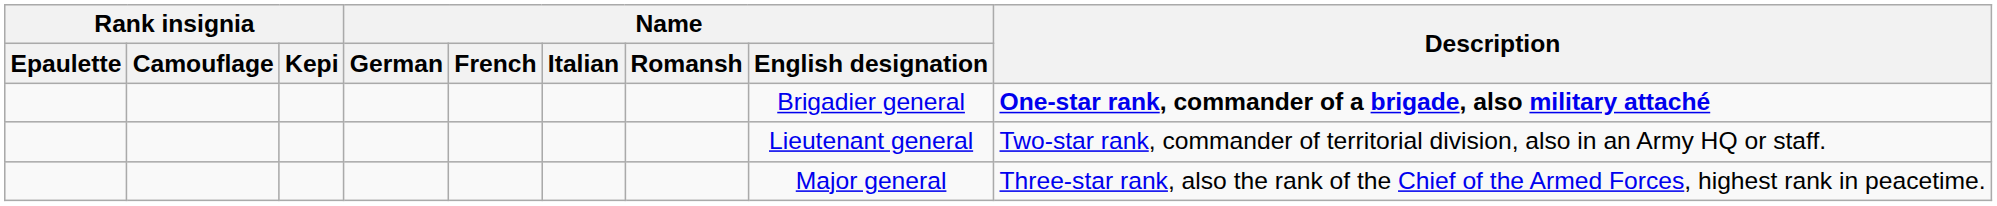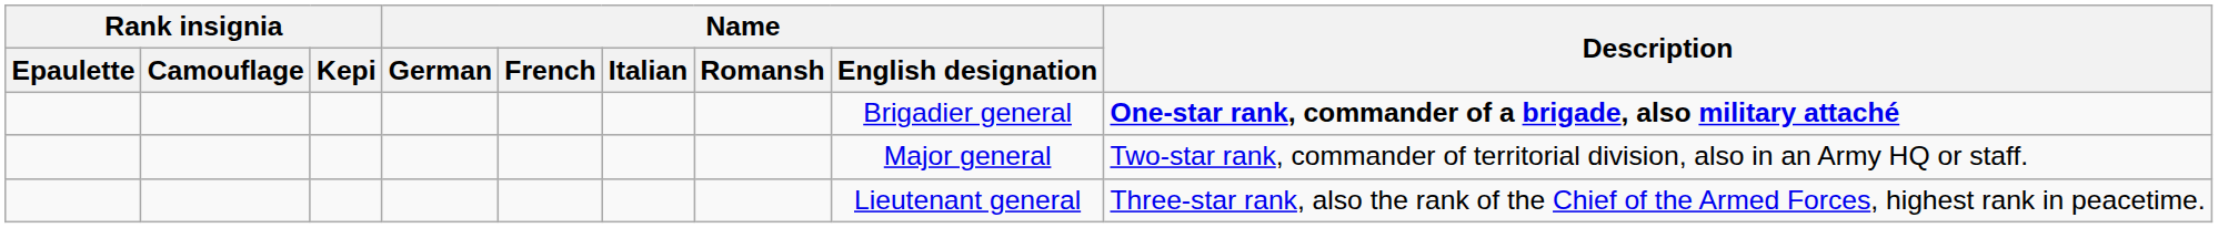 <table class="wikitable" style="text-align:center;">
 <tr>
 <th colspan=3>Rank insignia</th>
 <th colspan=5>Name</th>
 <th rowspan=2>Description</th>
 </tr>
 <tr>
 <th>Epaulette</th>
 <th>Camouflage</th>
 <th>Kepi<br></th>
 <th>German</th>
 <th>French</th>
 <th>Italian</th>
 <th>Romansh<br></th>
 <th>English designation</th>
 </tr>
 <tr>
 <td></td>
 <td></td>
 <td></td>
 <td><br></td>
 <td><br></td>
 <td></td>
 <td></td>
 <td><a href='#'>Brigadier general</a></td>
 <td style="text-align:left;"><strong><a href='#'>One-star rank</a>, commander of a <a href='#'>brigade</a>, also <a href='#'>military attaché</a></strong></td>
 </tr>
 <tr>
 <td></td>
 <td></td>
 <td></td>
 <td><br></td>
 <td><br></td>
 <td></td>
 <td></td>
-<td><a href='#'>Lieutenant general</a></td>
+<td><a href='#'>Major general</a></td>
 <td style="text-align:left;"><a href='#'>Two-star rank</a>, commander of territorial division, also in an Army HQ or staff.</td>
 </tr>
 <tr>
 <td></td>
 <td></td>
 <td></td>
 <td><br></td>
 <td><br></td>
 <td></td>
 <td></td>
-<td><a href='#'>Major general</a></td>
+<td><a href='#'>Lieutenant general</a></td>
 <td style="text-align:left;"><a href='#'>Three-star rank</a>, also the rank of the <a href='#'>Chief of the Armed Forces</a>, highest rank in peacetime.</td>
 </tr>
 </table>
